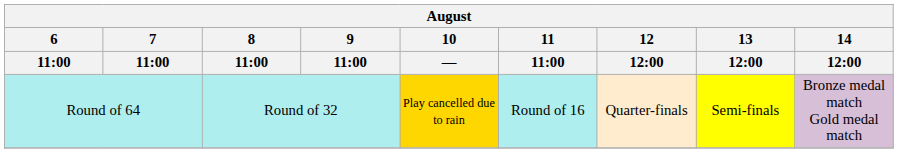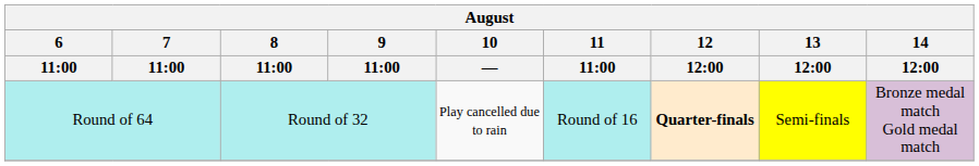 <table class="wikitable" style="text-align:center">
 <tr>
 <th colspan=9>August</th>
 </tr>
 <tr>
 <th width=100>6</th>
 <th width=100>7</th>
 <th width=100>8</th>
 <th width=100>9</th>
 <th width=100>10</th>
 <th width=100>11</th>
 <th width=100>12</th>
 <th width=100>13</th>
 <th width=100>14</th>
 </tr>
 <tr>
 <th>11:00</th>
 <th>11:00</th>
 <th>11:00</th>
 <th>11:00</th>
 <th>—</th>
 <th>11:00</th>
 <th>12:00</th>
 <th>12:00</th>
 <th>12:00</th>
 </tr>
 <tr>
 <td colspan="2" bgcolor="#afeeee">Round of 64</td>
 <td colspan="2" bgcolor="#afeeee">Round of 32</td>
-<td style="background: gold;"><small>Play cancelled due to rain</small></td>
+<td><small>Play cancelled due to rain</small></td>
 <td bgcolor="#afeeee">Round of 16</td>
-<td bgcolor=#ffebcd>Quarter-finals</td>
+<td bgcolor=#ffebcd><strong>Quarter-finals</strong></td>
 <td bgcolor=#FFFF00>Semi-finals</td>
 <td bgcolor=#D8BFD8>Bronze medal match<br>Gold medal match</td>
 </tr>
 <tr>
 </tr>
 </table>
